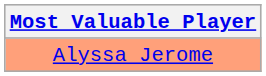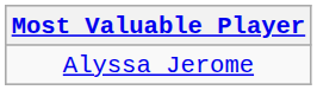 <table class=wikitable style="text-align:center">
 <tr>
 <th><a href='#'>Most Valuable Player</a></th>
 </tr>
 <tr>
-<td style="background: lightsalmon;"> <a href='#'>Alyssa Jerome</a></td>
+<td> <a href='#'>Alyssa Jerome</a></td>
 </tr>
 </table>
